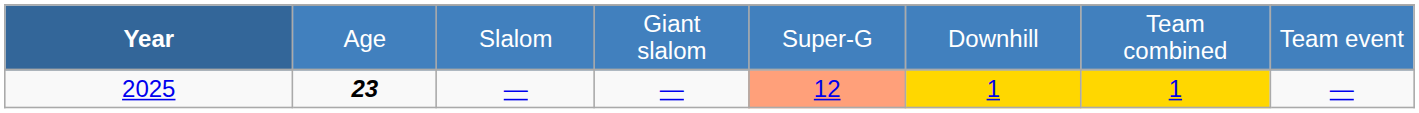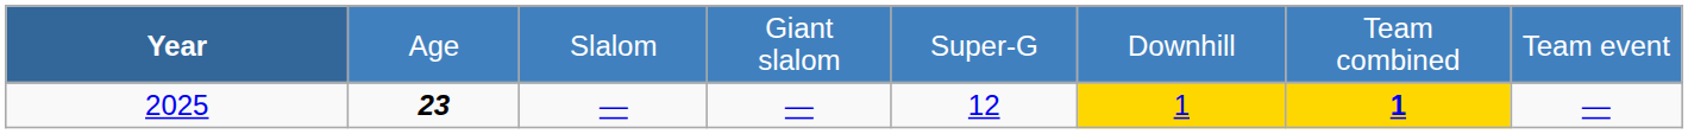 <table class="wikitable" style="font-size:95%; text-align:center; border:grey solid 1px; border-collapse:collapse;" width="45%">
 <tr style="background-color:#369; color:white;">
 <td rowspan="2" colspan="1" width="10%"><strong>Year</strong></td>
 </tr>
 <tr style="background-color:#4180be; color:white;">
 <td width="5%">Age</td>
 <td width="5%">Slalom</td>
 <td width="5%">Giant<br>slalom</td>
 <td width="5%">Super-G</td>
 <td width="5%">Downhill</td>
 <td width="5%">Team<br>combined</td>
 <td width="5%">Team event</td>
 </tr>
 <tr style="background-color:#8CB2D8; color:white;">
 </tr>
 <tr>
 <td><a href='#'>2025</a></td>
 <td><strong><em>23</em></strong></td>
 <td><a href='#'>—</a></td>
 <td><a href='#'>—</a></td>
-<td style="background: lightsalmon;"><a href='#'>12</a></td>
+<td><a href='#'>12</a></td>
 <td style="background:gold;"><a href='#'>1</a></td>
-<td style="background:gold;"><a href='#'>1</a></td>
+<td style="background:gold;"><strong><a href='#'>1</a></strong></td>
 <td><a href='#'>—</a></td>
 </tr>
 </table>
